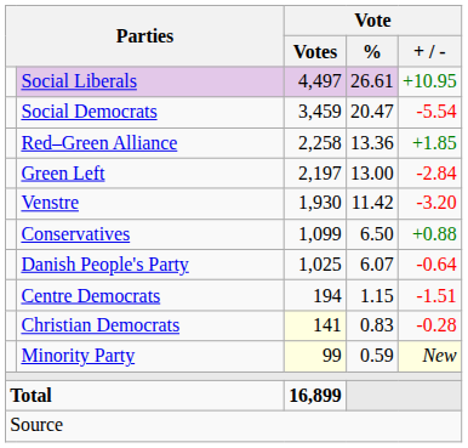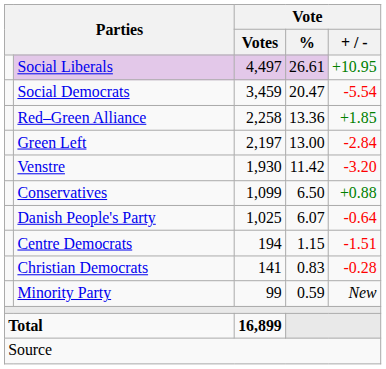 <table class="wikitable" style="text-align:right;">
 <tr>
 <th style="text-align:centre;" rowspan="2" colspan="2" width="225">Parties</th>
 <th colspan="3">Vote</th>
 </tr>
 <tr>
 <th width="15">Votes</th>
 <th width="15">%</th>
 <th width="15">+ / -</th>
 </tr>
 <tr>
 <td width="2" style="color:inherit;background:"></td>
 <td bgcolor=#e3c8e9  align="left"><a href='#'>Social Liberals</a></td>
 <td bgcolor=#e3c8e9>4,497</td>
 <td bgcolor=#e3c8e9>26.61</td>
 <td style=color:green;>+10.95</td>
 </tr>
 <tr>
 <td width="2" style="color:inherit;background:"></td>
 <td align="left"><a href='#'>Social Democrats</a></td>
 <td>3,459</td>
 <td>20.47</td>
 <td style=color:red;>-5.54</td>
 </tr>
 <tr>
 <td width="2" style="color:inherit;background:"></td>
 <td align="left"><a href='#'>Red–Green Alliance</a></td>
 <td>2,258</td>
 <td>13.36</td>
 <td style=color:green;>+1.85</td>
 </tr>
 <tr>
 <td width="2" style="color:inherit;background:"></td>
 <td align="left"><a href='#'>Green Left</a></td>
 <td>2,197</td>
 <td>13.00</td>
 <td style=color:red;>-2.84</td>
 </tr>
 <tr>
 <td width="2" style="color:inherit;background:"></td>
 <td align="left"><a href='#'>Venstre</a></td>
 <td>1,930</td>
 <td>11.42</td>
 <td style=color:red;>-3.20</td>
 </tr>
 <tr>
 <td width="2" style="color:inherit;background:"></td>
 <td align="left"><a href='#'>Conservatives</a></td>
 <td>1,099</td>
 <td>6.50</td>
 <td style=color:green;>+0.88</td>
 </tr>
 <tr>
 <td width="2" style="color:inherit;background:"></td>
 <td align="left"><a href='#'>Danish People's Party</a></td>
 <td>1,025</td>
 <td>6.07</td>
 <td style=color:red;>-0.64</td>
 </tr>
 <tr>
 <td width="2" style="color:inherit;background:"></td>
 <td align="left"><a href='#'>Centre Democrats</a></td>
 <td>194</td>
 <td>1.15</td>
 <td style=color:red;>-1.51</td>
 </tr>
 <tr>
 <td width="2" style="color:inherit;background:"></td>
 <td align="left"><a href='#'>Christian Democrats</a></td>
-<td style="background: lightyellow;">141</td>
+<td>141</td>
 <td>0.83</td>
 <td style=color:red;>-0.28</td>
 </tr>
 <tr>
 <td width="2" style="color:inherit;background:"></td>
 <td align="left"><a href='#'>Minority Party</a></td>
-<td style="background: lightyellow;">99</td>
+<td>99</td>
 <td>0.59</td>
-<td style="background: lightyellow;"><em>New</em></td>
+<td><em>New</em></td>
 </tr>
 <tr>
 <td colspan="7" bgcolor="#E9E9E9"></td>
 </tr>
 <tr>
 <td align="left" colspan="2"><strong>Total</strong></td>
 <td><strong>16,899</strong></td>
 <td bgcolor="#E9E9E9" colspan="2"></td>
 </tr>
 <tr>
 <td align="left" colspan="6">Source</td>
 </tr>
 </table>
